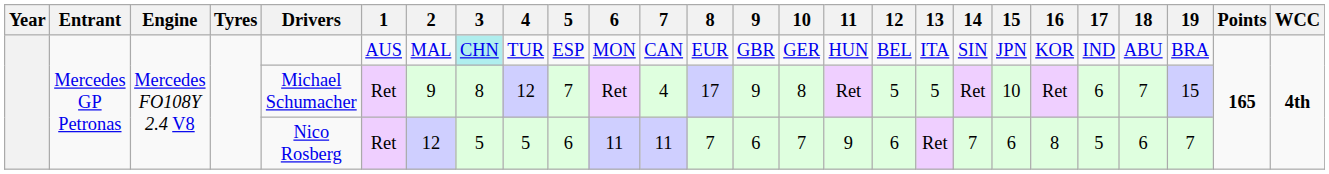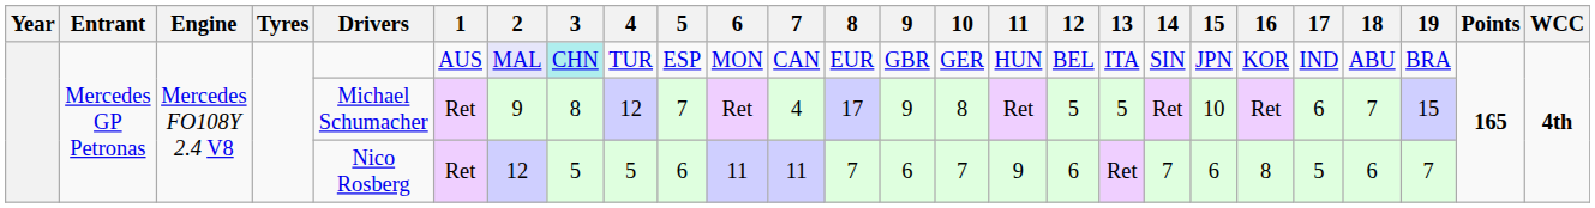 <table class="wikitable" style="text-align:center; font-size:95%">
 <tr>
 <th>Year</th>
 <th>Entrant</th>
 <th>Engine</th>
 <th>Tyres</th>
 <th>Drivers</th>
 <th>1</th>
 <th>2</th>
 <th>3</th>
 <th>4</th>
 <th>5</th>
 <th>6</th>
 <th>7</th>
 <th>8</th>
 <th>9</th>
 <th>10</th>
 <th>11</th>
 <th>12</th>
 <th>13</th>
 <th>14</th>
 <th>15</th>
 <th>16</th>
 <th>17</th>
 <th>18</th>
 <th>19</th>
 <th>Points</th>
 <th>WCC</th>
 </tr>
 <tr>
 <th rowspan=3></th>
 <td rowspan=3><a href='#'>Mercedes GP Petronas</a></td>
 <td rowspan=3><a href='#'>Mercedes</a> <em>FO108Y 2.4</em> <a href='#'>V8</a></td>
 <td rowspan=3></td>
 <td></td>
 <td><a href='#'>AUS</a></td>
-<td><a href='#'>MAL</a></td>
+<td style="background: lavender;"><a href='#'>MAL</a></td>
 <td style="background: paleturquoise;"><a href='#'>CHN</a></td>
 <td><a href='#'>TUR</a></td>
 <td><a href='#'>ESP</a></td>
 <td><a href='#'>MON</a></td>
 <td><a href='#'>CAN</a></td>
 <td><a href='#'>EUR</a></td>
 <td><a href='#'>GBR</a></td>
 <td><a href='#'>GER</a></td>
 <td><a href='#'>HUN</a></td>
 <td><a href='#'>BEL</a></td>
 <td><a href='#'>ITA</a></td>
 <td><a href='#'>SIN</a></td>
 <td><a href='#'>JPN</a></td>
 <td><a href='#'>KOR</a></td>
 <td><a href='#'>IND</a></td>
 <td><a href='#'>ABU</a></td>
 <td><a href='#'>BRA</a></td>
 <td rowspan=3><strong>165</strong></td>
 <td rowspan=3><strong>4th</strong></td>
 </tr>
 <tr>
 <td> <a href='#'>Michael Schumacher</a></td>
 <td style="background:#efcfff;">Ret</td>
 <td style="background:#DFFFDF;">9</td>
 <td style="background:#DFFFDF;">8</td>
 <td style="background:#CFCFFF;">12</td>
 <td style="background:#DFFFDF;">7</td>
 <td style="background:#efcfff;">Ret</td>
 <td style="background:#DFFFDF;">4</td>
 <td style="background:#CFCFFF;">17</td>
 <td style="background:#DFFFDF;">9</td>
 <td style="background:#DFFFDF;">8</td>
 <td style="background:#efcfff;">Ret</td>
 <td style="background:#dfffdf;">5</td>
 <td style="background:#dfffdf;">5</td>
 <td style="background:#efcfff;">Ret</td>
 <td style="background:#dfffdf;">10</td>
 <td style="background:#efcfff;">Ret</td>
 <td style="background:#dfffdf;">6</td>
 <td style="background:#dfffdf;">7</td>
 <td style="background:#CFCFFF;">15</td>
 </tr>
 <tr>
 <td> <a href='#'>Nico Rosberg</a></td>
 <td style="background:#efcfff;">Ret</td>
 <td style="background:#CFCFFF;">12</td>
 <td style="background:#DFFFDF;">5</td>
 <td style="background:#DFFFDF;">5</td>
 <td style="background:#DFFFDF;">6</td>
 <td style="background:#CFCFFF;">11</td>
 <td style="background:#CFCFFF;">11</td>
 <td style="background:#DFFFDF;">7</td>
 <td style="background:#DFFFDF;">6</td>
 <td style="background:#DFFFDF;">7</td>
 <td style="background:#dfffdf;">9</td>
 <td style="background:#dfffdf;">6</td>
 <td style="background:#efcfff;">Ret</td>
 <td style="background:#dfffdf;">7</td>
 <td style="background:#dfffdf;">6</td>
 <td style="background:#DFFFDF;">8</td>
 <td style="background:#dfffdf;">5</td>
 <td style="background:#DFFFDF;">6</td>
 <td style="background:#DFFFDF;">7</td>
 </tr>
 </table>
